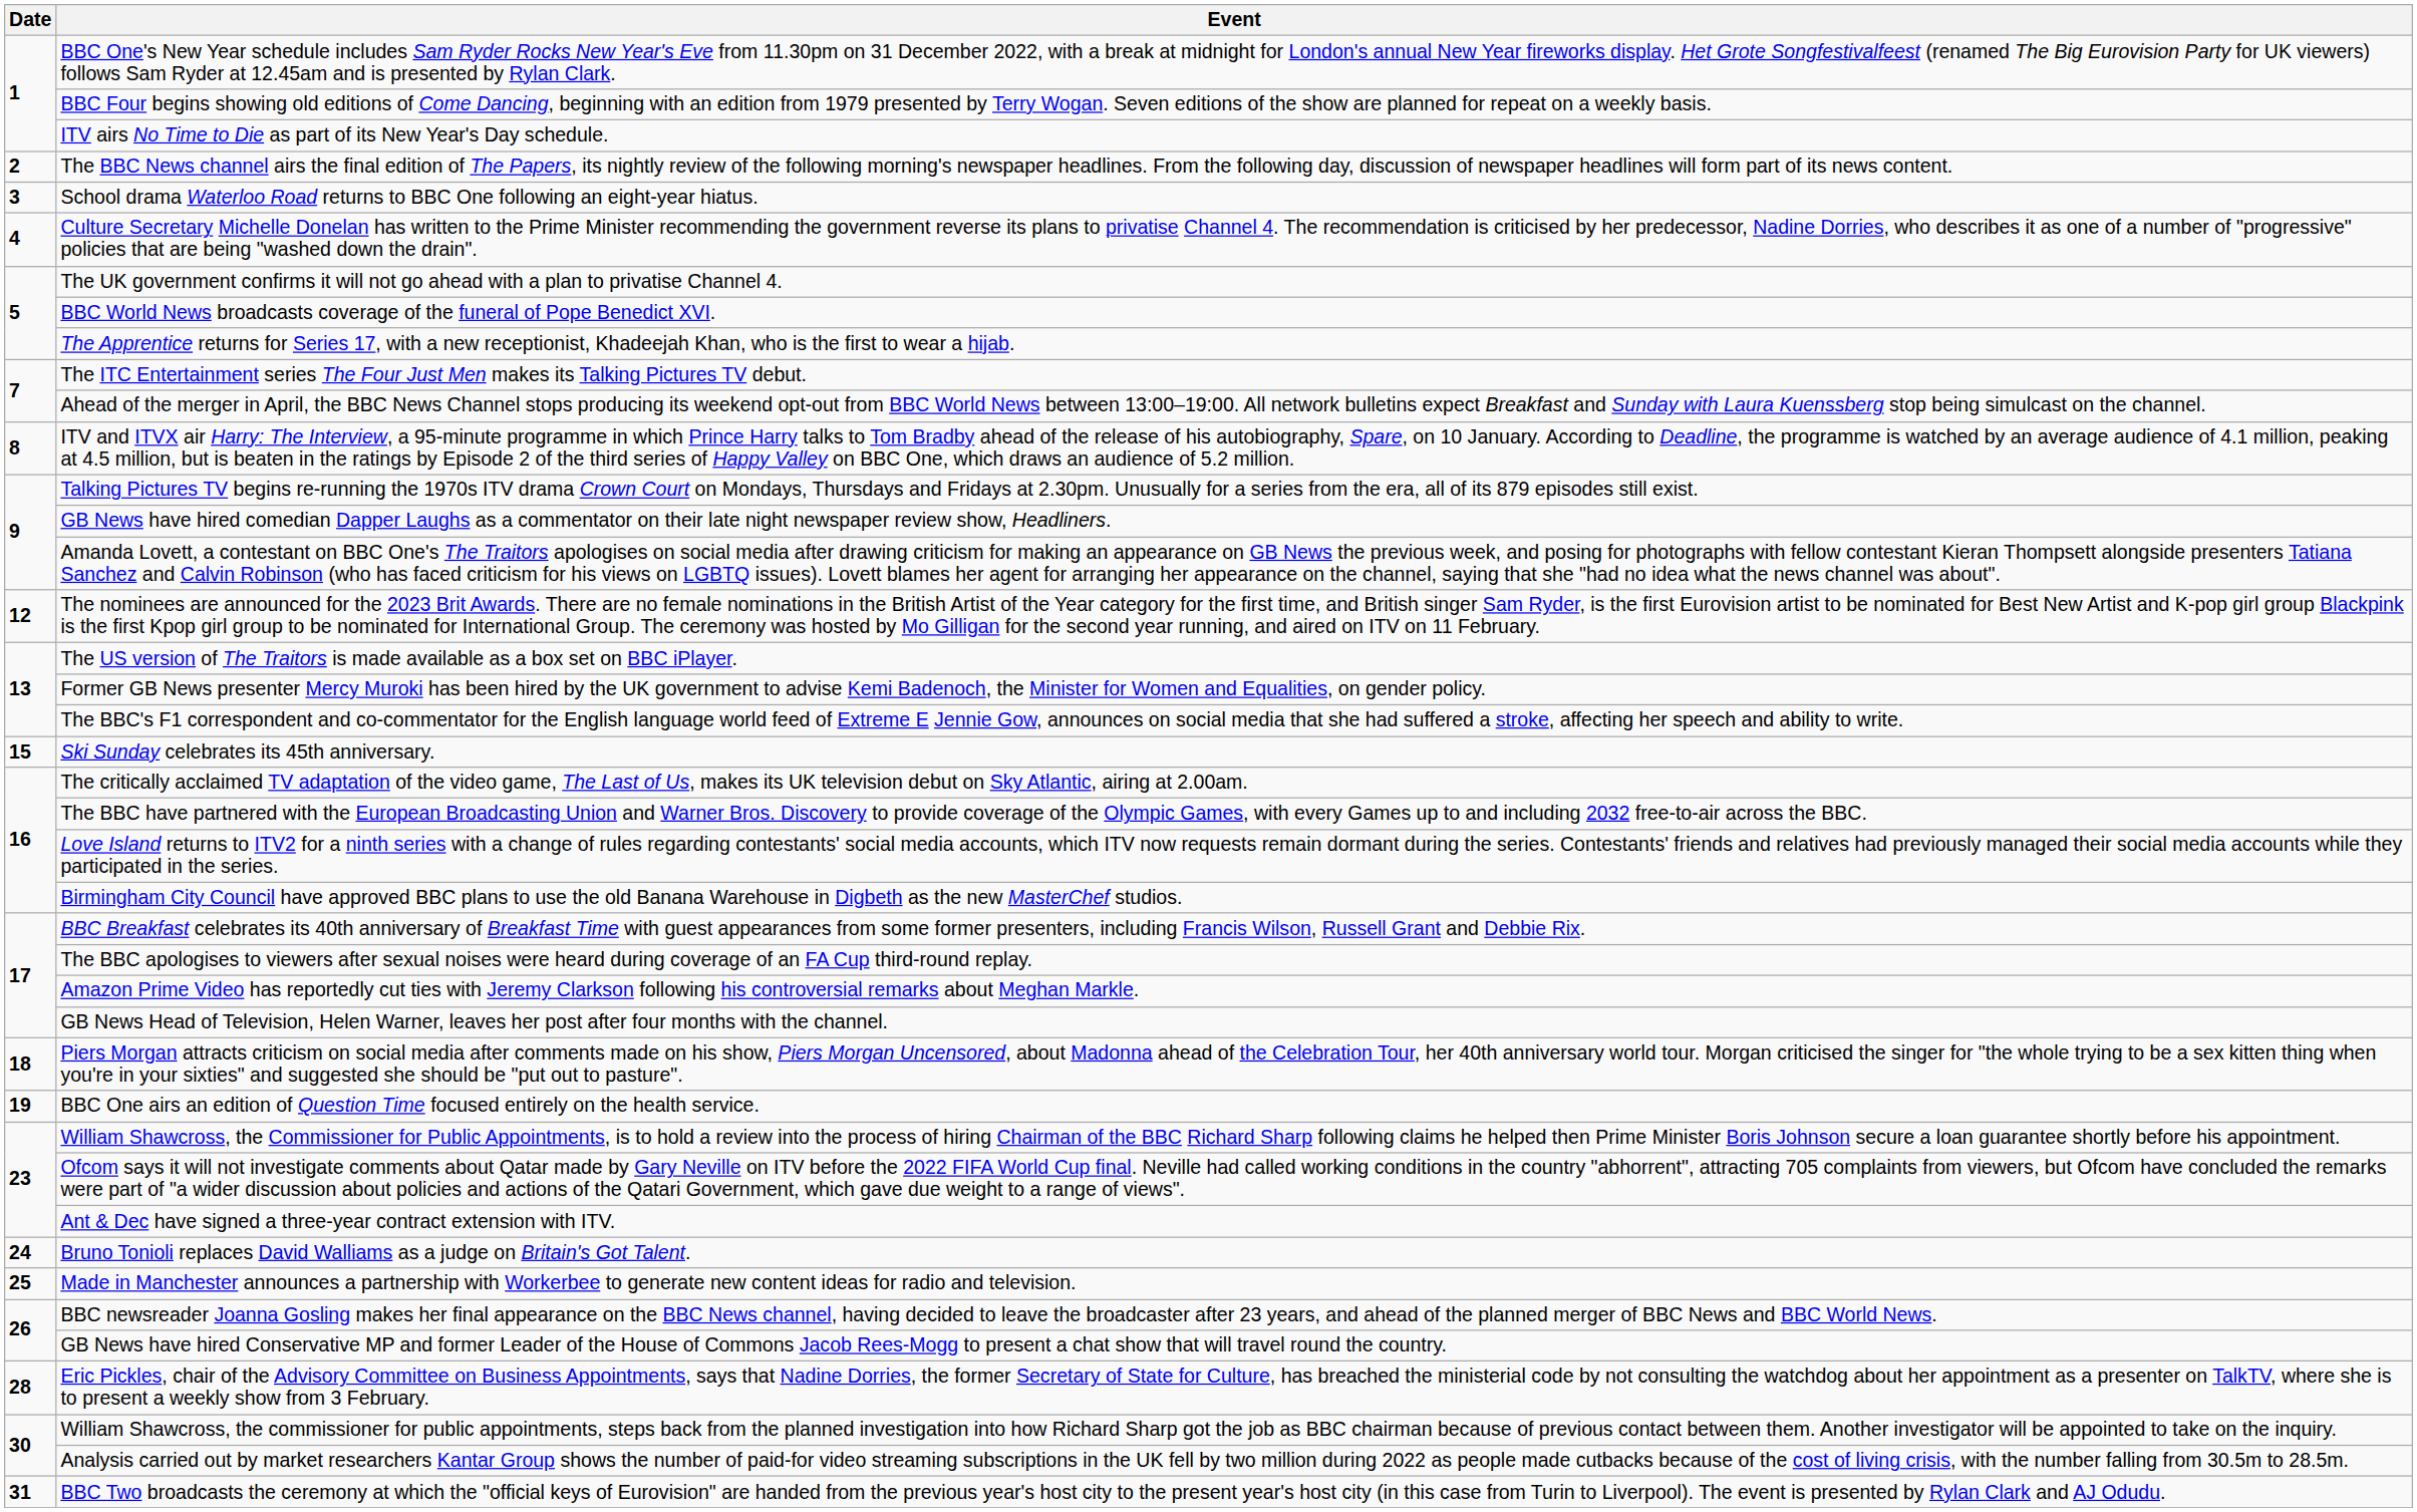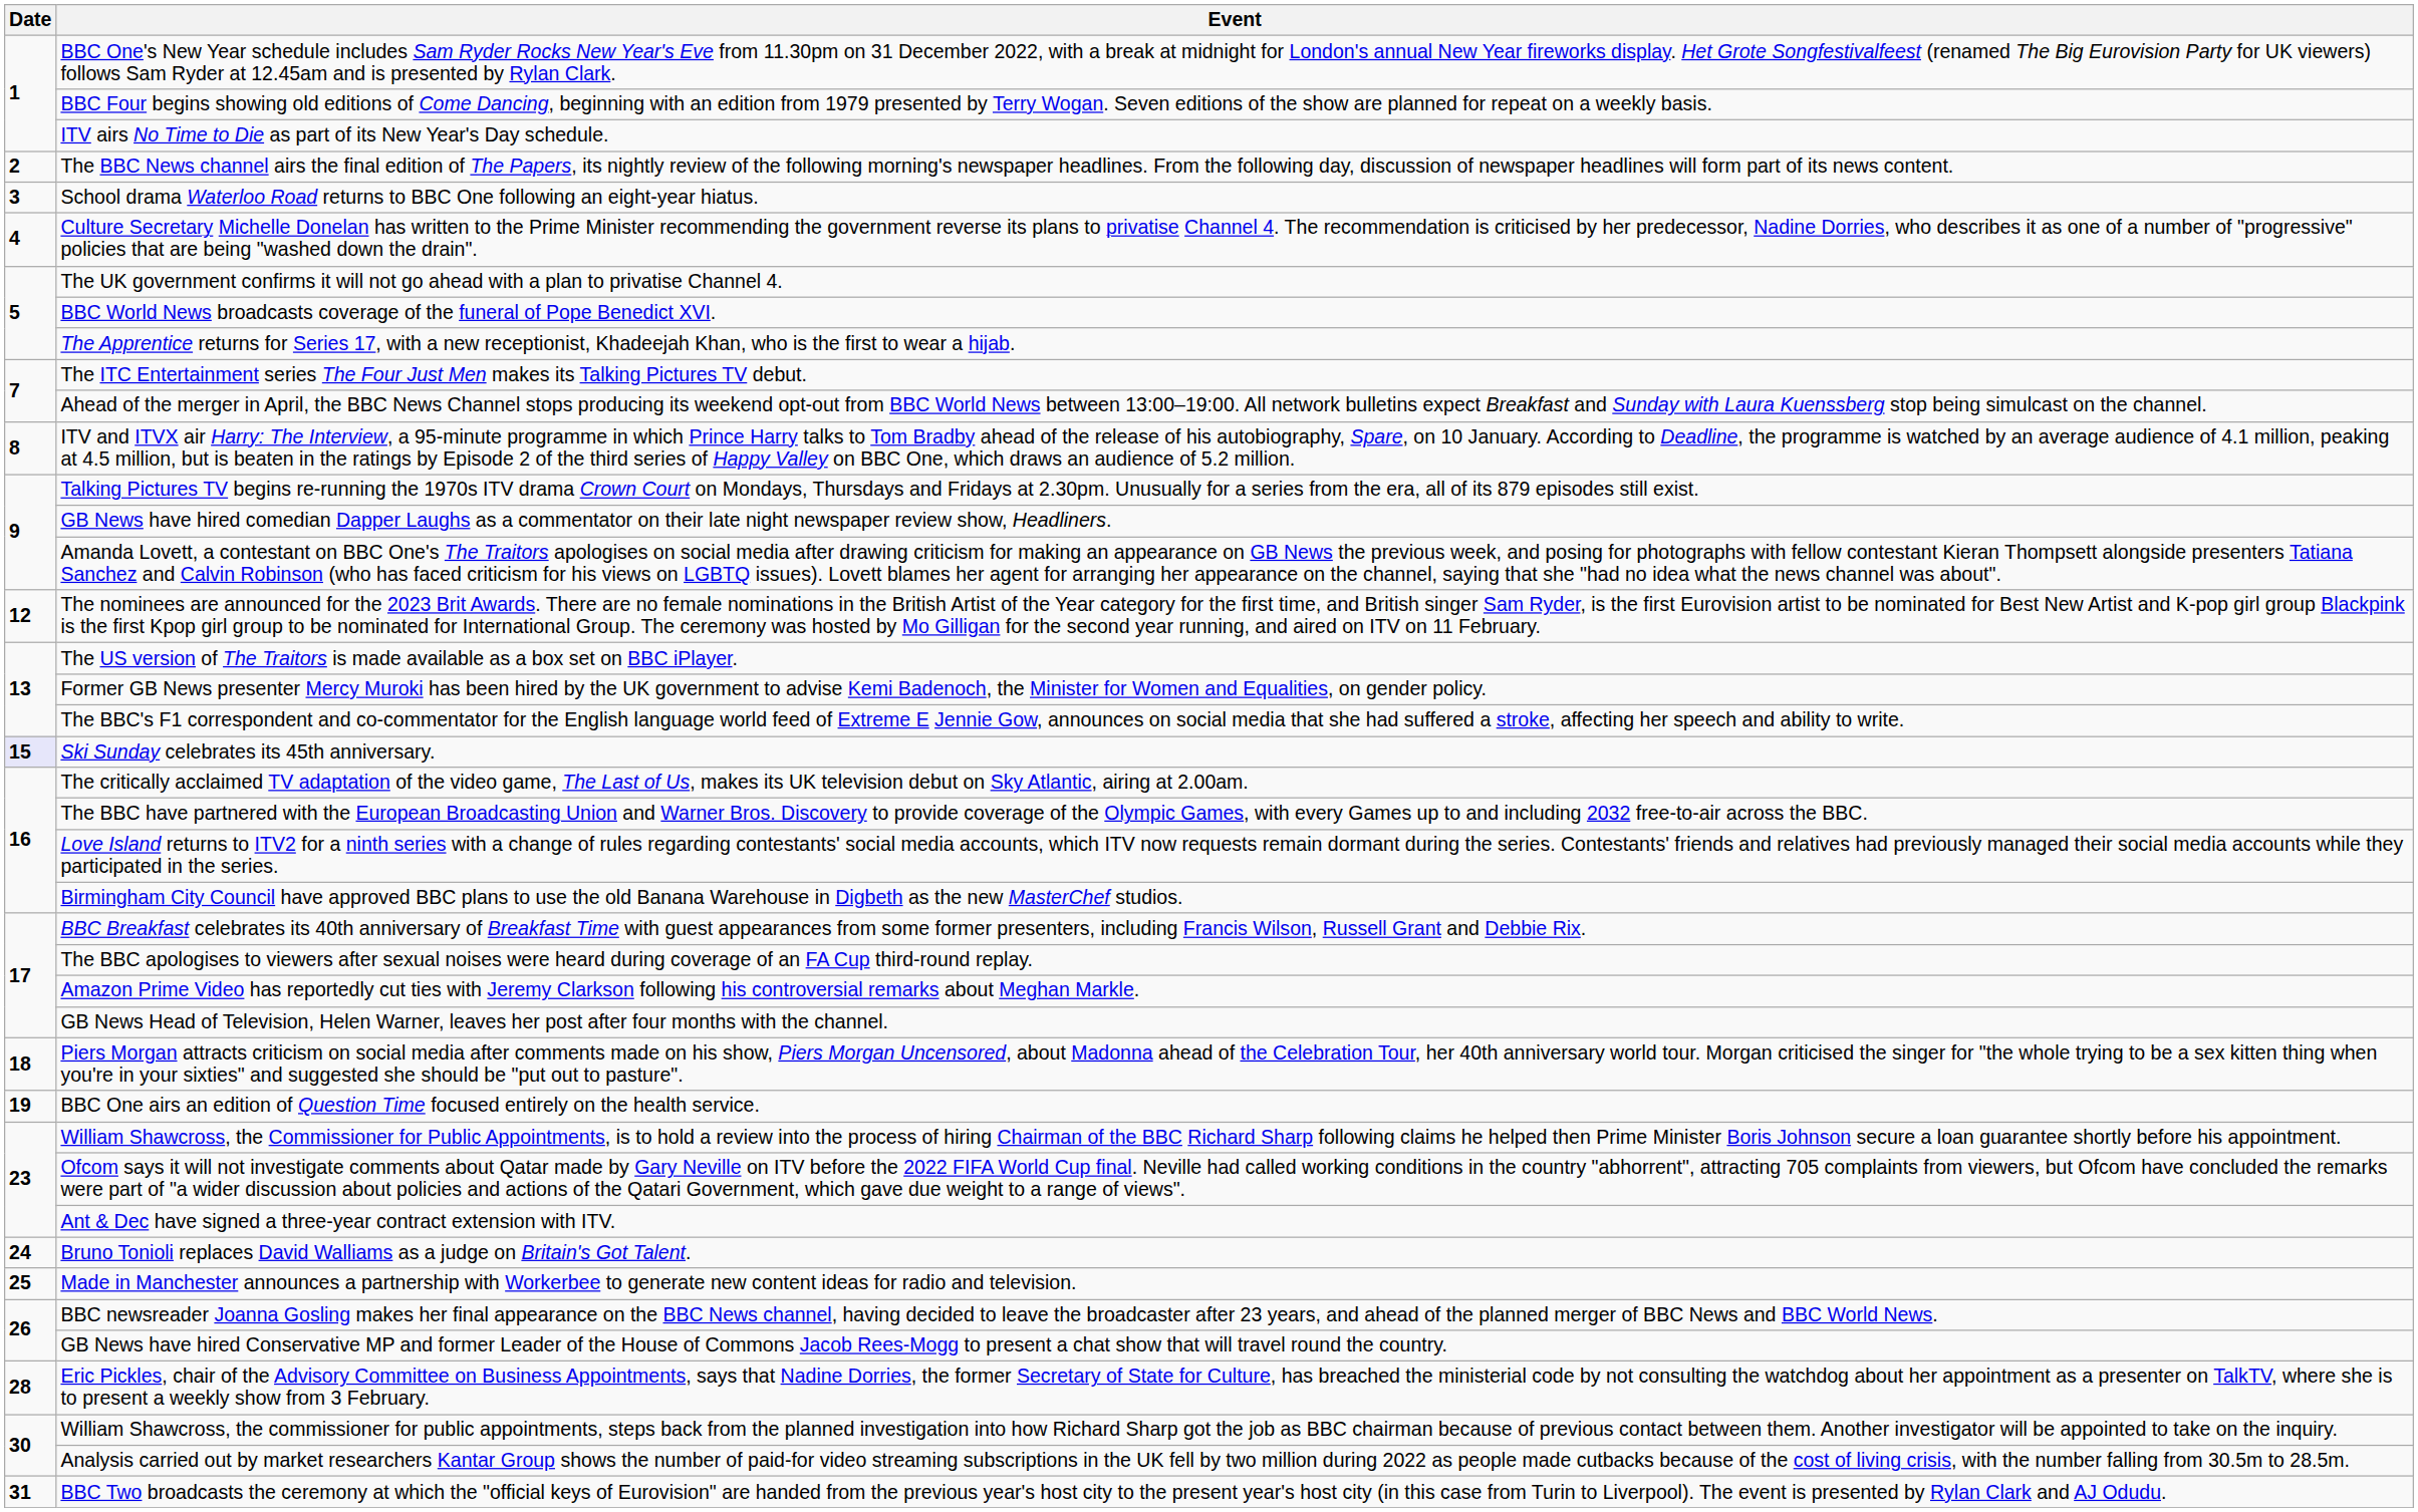 <table class="wikitable">
 <tr>
 <th>Date</th>
 <th>Event</th>
 </tr>
 <tr>
 <td rowspan=3><strong>1</strong></td>
 <td><a href='#'>BBC One</a>'s New Year schedule includes <em><a href='#'>Sam Ryder Rocks New Year's Eve</a></em> from 11.30pm on 31 December 2022, with a break at midnight for <a href='#'>London's annual New Year fireworks display</a>. <em><a href='#'>Het Grote Songfestivalfeest</a></em> (renamed <em>The Big Eurovision Party</em> for UK viewers) follows Sam Ryder at 12.45am and is presented by <a href='#'>Rylan Clark</a>.</td>
 </tr>
 <tr>
 <td><a href='#'>BBC Four</a> begins showing old editions of <em><a href='#'>Come Dancing</a></em>, beginning with an edition from 1979 presented by <a href='#'>Terry Wogan</a>. Seven editions of the show are planned for repeat on a weekly basis.</td>
 </tr>
 <tr>
 <td><a href='#'>ITV</a> airs <em><a href='#'>No Time to Die</a></em> as part of its New Year's Day schedule.</td>
 </tr>
 <tr>
 <td><strong>2</strong></td>
 <td>The <a href='#'>BBC News channel</a> airs the final edition of <em><a href='#'>The Papers</a></em>, its nightly review of the following morning's newspaper headlines. From the following day, discussion of newspaper headlines will form part of its news content.</td>
 </tr>
 <tr>
 <td><strong>3</strong></td>
 <td>School drama <em><a href='#'>Waterloo Road</a></em> returns to BBC One following an eight-year hiatus.</td>
 </tr>
 <tr>
 <td><strong>4</strong></td>
 <td><a href='#'>Culture Secretary</a> <a href='#'>Michelle Donelan</a> has written to the Prime Minister recommending the government reverse its plans to <a href='#'>privatise</a> <a href='#'>Channel 4</a>. The recommendation is criticised by her predecessor, <a href='#'>Nadine Dorries</a>, who describes it as one of a number of "progressive" policies that are being "washed down the drain".</td>
 </tr>
 <tr>
 <td rowspan=3><strong>5</strong></td>
 <td>The UK government confirms it will not go ahead with a plan to privatise Channel 4.</td>
 </tr>
 <tr>
 <td><a href='#'>BBC World News</a> broadcasts coverage of the <a href='#'>funeral of Pope Benedict XVI</a>.</td>
 </tr>
 <tr>
 <td><em><a href='#'>The Apprentice</a></em> returns for <a href='#'>Series 17</a>, with a new receptionist, Khadeejah Khan, who is the first to wear a <a href='#'>hijab</a>.</td>
 </tr>
 <tr>
 <td rowspan=2><strong>7</strong></td>
 <td>The <a href='#'>ITC Entertainment</a> series <em><a href='#'>The Four Just Men</a></em> makes its <a href='#'>Talking Pictures TV</a> debut.</td>
 </tr>
 <tr>
 <td>Ahead of the merger in April, the BBC News Channel stops producing its weekend opt-out from <a href='#'>BBC World News</a> between 13:00–19:00. All network bulletins expect <em>Breakfast</em> and <em><a href='#'>Sunday with Laura Kuenssberg</a></em> stop being simulcast on the channel.</td>
 </tr>
 <tr>
 <td><strong>8</strong></td>
 <td>ITV and <a href='#'>ITVX</a> air <em><a href='#'>Harry: The Interview</a></em>, a 95-minute programme in which <a href='#'>Prince Harry</a> talks to <a href='#'>Tom Bradby</a> ahead of the release of his autobiography, <em><a href='#'>Spare</a></em>, on 10 January. According to <em><a href='#'>Deadline</a></em>, the programme is watched by an average audience of 4.1 million, peaking at 4.5 million, but is beaten in the ratings by Episode 2 of the third series of <em><a href='#'>Happy Valley</a></em> on BBC One, which draws an audience of 5.2 million.</td>
 </tr>
 <tr>
 <td rowspan=3><strong>9</strong></td>
 <td><a href='#'>Talking Pictures TV</a> begins re-running the 1970s ITV drama <em><a href='#'>Crown Court</a></em> on Mondays, Thursdays and Fridays at 2.30pm. Unusually for a series from the era, all of its 879 episodes still exist.</td>
 </tr>
 <tr>
 <td><a href='#'>GB News</a> have hired comedian <a href='#'>Dapper Laughs</a> as a commentator on their late night newspaper review show, <em>Headliners</em>.</td>
 </tr>
 <tr>
 <td>Amanda Lovett, a contestant on BBC One's <em><a href='#'>The Traitors</a></em> apologises on social media after drawing criticism for making an appearance on <a href='#'>GB News</a> the previous week, and posing for photographs with fellow contestant Kieran Thompsett alongside presenters <a href='#'>Tatiana Sanchez</a> and <a href='#'>Calvin Robinson</a> (who has faced criticism for his views on <a href='#'>LGBTQ</a> issues). Lovett blames her agent for arranging her appearance on the channel, saying that she "had no idea what the news channel was about".</td>
 </tr>
 <tr>
 <td><strong>12</strong></td>
 <td>The nominees are announced for the <a href='#'>2023 Brit Awards</a>. There are no female nominations in the British Artist of the Year category for the first time, and British singer <a href='#'>Sam Ryder</a>, is the first Eurovision artist to be nominated for Best New Artist and K-pop girl group <a href='#'>Blackpink</a> is the first Kpop girl group to be nominated for International Group. The ceremony was hosted by <a href='#'>Mo Gilligan</a> for the second year running, and aired on ITV on 11 February.</td>
 </tr>
 <tr>
 <td rowspan=3><strong>13</strong></td>
 <td>The <a href='#'>US version</a> of <em><a href='#'>The Traitors</a></em> is made available as a box set on <a href='#'>BBC iPlayer</a>.</td>
 </tr>
 <tr>
 <td>Former GB News presenter <a href='#'>Mercy Muroki</a> has been hired by the UK government to advise <a href='#'>Kemi Badenoch</a>, the <a href='#'>Minister for Women and Equalities</a>, on gender policy.</td>
 </tr>
 <tr>
 <td>The BBC's F1 correspondent and co-commentator for the English language world feed of <a href='#'>Extreme E</a> <a href='#'>Jennie Gow</a>, announces on social media that she had suffered a <a href='#'>stroke</a>, affecting her speech and ability to write.</td>
 </tr>
 <tr>
-<td><strong>15</strong></td>
+<td style="background: lavender;"><strong>15</strong></td>
 <td><em><a href='#'>Ski Sunday</a></em> celebrates its 45th anniversary.</td>
 </tr>
 <tr>
 <td rowspan=4><strong>16</strong></td>
 <td>The critically acclaimed <a href='#'>TV adaptation</a> of the video game, <em><a href='#'>The Last of Us</a></em>, makes its UK television debut on <a href='#'>Sky Atlantic</a>, airing at 2.00am.</td>
 </tr>
 <tr>
 <td>The BBC have partnered with the <a href='#'>European Broadcasting Union</a> and <a href='#'>Warner Bros. Discovery</a> to provide coverage of the <a href='#'>Olympic Games</a>, with every Games up to and including <a href='#'>2032</a> free-to-air across the BBC.</td>
 </tr>
 <tr>
 <td><em><a href='#'>Love Island</a></em> returns to <a href='#'>ITV2</a> for a <a href='#'>ninth series</a> with a change of rules regarding contestants' social media accounts, which ITV now requests remain dormant during the series. Contestants' friends and relatives had previously managed their social media accounts while they participated in the series.</td>
 </tr>
 <tr>
 <td><a href='#'>Birmingham City Council</a> have approved BBC plans to use the old Banana Warehouse in <a href='#'>Digbeth</a> as the new <em><a href='#'>MasterChef</a></em> studios.</td>
 </tr>
 <tr>
 <td rowspan=4><strong>17</strong></td>
 <td><em><a href='#'>BBC Breakfast</a></em> celebrates its 40th anniversary of <em><a href='#'>Breakfast Time</a></em> with guest appearances from some former presenters, including <a href='#'>Francis Wilson</a>, <a href='#'>Russell Grant</a> and <a href='#'>Debbie Rix</a>.</td>
 </tr>
 <tr>
 <td>The BBC apologises to viewers after sexual noises were heard during coverage of an <a href='#'>FA Cup</a> third-round replay.</td>
 </tr>
 <tr>
 <td><a href='#'>Amazon Prime Video</a> has reportedly cut ties with <a href='#'>Jeremy Clarkson</a> following <a href='#'>his controversial remarks</a> about <a href='#'>Meghan Markle</a>.</td>
 </tr>
 <tr>
 <td>GB News Head of Television, Helen Warner, leaves her post after four months with the channel.</td>
 </tr>
 <tr>
 <td><strong>18</strong></td>
 <td><a href='#'>Piers Morgan</a> attracts criticism on social media after comments made on his show, <em><a href='#'>Piers Morgan Uncensored</a></em>, about <a href='#'>Madonna</a> ahead of <a href='#'>the Celebration Tour</a>, her 40th anniversary world tour. Morgan criticised the singer for "the whole trying to be a sex kitten thing when you're in your sixties" and suggested she should be "put out to pasture".</td>
 </tr>
 <tr>
 <td><strong>19</strong></td>
 <td>BBC One airs an edition of <em><a href='#'>Question Time</a></em> focused entirely on the health service.</td>
 </tr>
 <tr>
 <td rowspan=3><strong>23</strong></td>
 <td><a href='#'>William Shawcross</a>, the <a href='#'>Commissioner for Public Appointments</a>, is to hold a review into the process of hiring <a href='#'>Chairman of the BBC</a> <a href='#'>Richard Sharp</a> following claims he helped then Prime Minister <a href='#'>Boris Johnson</a> secure a loan guarantee shortly before his appointment.</td>
 </tr>
 <tr>
 <td><a href='#'>Ofcom</a> says it will not investigate comments about Qatar made by <a href='#'>Gary Neville</a> on ITV before the <a href='#'>2022 FIFA World Cup final</a>. Neville had called working conditions in the country "abhorrent", attracting 705 complaints from viewers, but Ofcom have concluded the remarks were part of "a wider discussion about policies and actions of the Qatari Government, which gave due weight to a range of views".</td>
 </tr>
 <tr>
 <td><a href='#'>Ant & Dec</a> have signed a three-year contract extension with ITV.</td>
 </tr>
 <tr>
 <td><strong>24</strong></td>
 <td><a href='#'>Bruno Tonioli</a> replaces <a href='#'>David Walliams</a> as a judge on <em><a href='#'>Britain's Got Talent</a></em>.</td>
 </tr>
 <tr>
 <td><strong>25</strong></td>
 <td><a href='#'>Made in Manchester</a> announces a partnership with <a href='#'>Workerbee</a> to generate new content ideas for radio and television.</td>
 </tr>
 <tr>
 <td rowspan=2><strong>26</strong></td>
 <td>BBC newsreader <a href='#'>Joanna Gosling</a> makes her final appearance on the <a href='#'>BBC News channel</a>, having decided to leave the broadcaster after 23 years, and ahead of the planned merger of BBC News and <a href='#'>BBC World News</a>.</td>
 </tr>
 <tr>
 <td>GB News have hired Conservative MP and former Leader of the House of Commons <a href='#'>Jacob Rees-Mogg</a> to present a chat show that will travel round the country.</td>
 </tr>
 <tr>
 <td><strong>28</strong></td>
 <td><a href='#'>Eric Pickles</a>, chair of the <a href='#'>Advisory Committee on Business Appointments</a>, says that <a href='#'>Nadine Dorries</a>, the former <a href='#'>Secretary of State for Culture</a>, has breached the ministerial code by not consulting the watchdog about her appointment as a presenter on <a href='#'>TalkTV</a>, where she is to present a weekly show from 3 February.</td>
 </tr>
 <tr>
 <td rowspan=2><strong>30</strong></td>
 <td>William Shawcross, the commissioner for public appointments, steps back from the planned investigation into how Richard Sharp got the job as BBC chairman because of previous contact between them. Another investigator will be appointed to take on the inquiry.</td>
 </tr>
 <tr>
 <td>Analysis carried out by market researchers <a href='#'>Kantar Group</a> shows the number of paid-for video streaming subscriptions in the UK fell by two million during 2022 as people made cutbacks because of the <a href='#'>cost of living crisis</a>, with the number falling from 30.5m to 28.5m.</td>
 </tr>
 <tr>
 <td><strong>31</strong></td>
 <td><a href='#'>BBC Two</a> broadcasts the ceremony at which the "official keys of Eurovision" are handed from the previous year's host city to the present year's host city (in this case from Turin to Liverpool). The event is presented by <a href='#'>Rylan Clark</a> and <a href='#'>AJ Odudu</a>.</td>
 </tr>
 </table>
